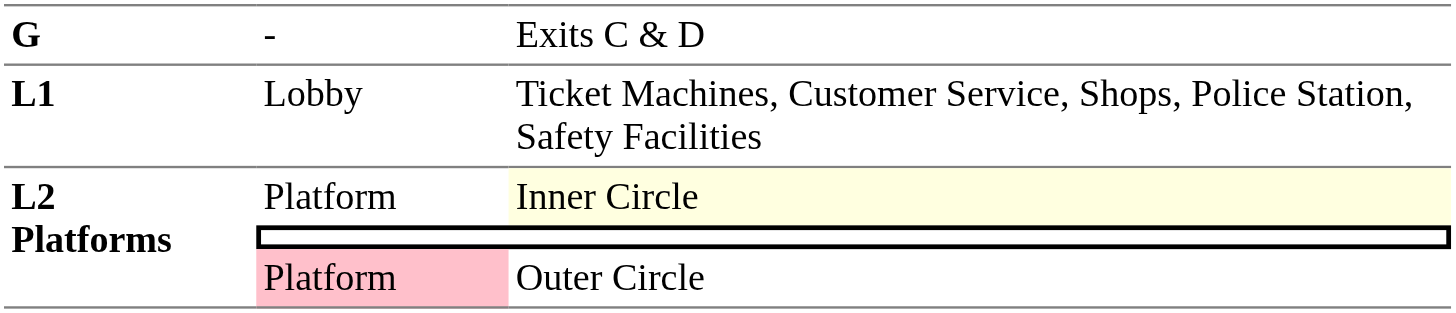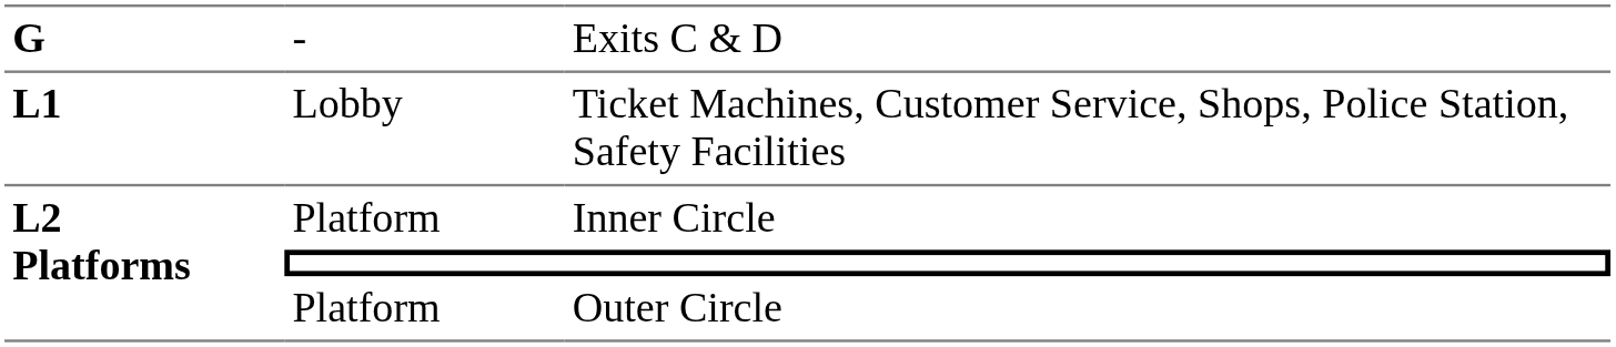 <table table border=0 cellspacing=0 cellpadding=3>
 <tr>
 <td style="border-top:solid 1px gray;" width=50 valign=top><strong>G</strong></td>
 <td style="border-top:solid 1px gray;" width=100 valign=top>-</td>
 <td style="border-top:solid 1px gray;" width=390 valign=top>Exits C & D</td>
 </tr>
 <tr>
 <td style="border-bottom:solid 1px gray; border-top:solid 1px gray;" valign=top width=100><strong>L1</strong></td>
 <td style="border-bottom:solid 1px gray; border-top:solid 1px gray;" valign=top width=100>Lobby</td>
 <td style="border-bottom:solid 1px gray; border-top:solid 1px gray;" valign=top width=390>Ticket Machines, Customer Service, Shops, Police Station, Safety Facilities</td>
 </tr>
 <tr>
 <td style="border-bottom:solid 1px gray;" rowspan=3 valign=top><strong>L2<br>Platforms</strong></td>
 <td>Platform </td>
-<td style="background: lightyellow;">  Inner Circle </td>
+<td>  Inner Circle </td>
 </tr>
 <tr>
 <td style="border-right:solid 2px black;border-left:solid 2px black;border-top:solid 2px black;border-bottom:solid 2px black;text-align:center;" colspan=2></td>
 </tr>
 <tr>
-<td style="background: pink; border-bottom:solid 1px gray;">Platform </td>
+<td style="border-bottom:solid 1px gray;">Platform </td>
 <td style="border-bottom:solid 1px gray;"> Outer Circle  </td>
 </tr>
 <tr>
 </tr>
 </table>
